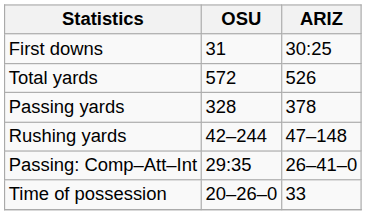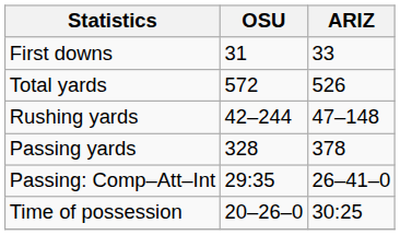 <table class="wikitable" style="float: left;">
 <tr>
 <th>Statistics</th>
 <th>OSU</th>
 <th>ARIZ</th>
 </tr>
 <tr>
 <td>First downs</td>
 <td>31</td>
-<td>30:25</td>
+<td>33</td>
 </tr>
 <tr>
 <td>Total yards</td>
 <td>572</td>
 <td>526</td>
 </tr>
 <tr>
+<td>Rushing yards</td>
+<td>42–244</td>
+<td>47–148</td>
+</tr>
+<tr>
 <td>Passing yards</td>
 <td>328</td>
 <td>378</td>
-</tr>
-<tr>
-<td>Rushing yards</td>
-<td>42–244</td>
-<td>47–148</td>
 </tr>
 <tr>
 <td>Passing: Comp–Att–Int</td>
 <td>29:35</td>
 <td>26–41–0</td>
 </tr>
 <tr>
 <td>Time of possession</td>
 <td>20–26–0</td>
-<td>33</td>
+<td>30:25</td>
 </tr>
 <tr>
 </tr>
 </table>
